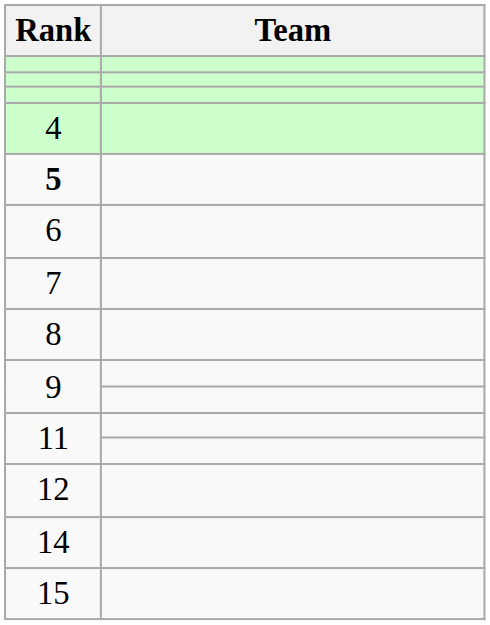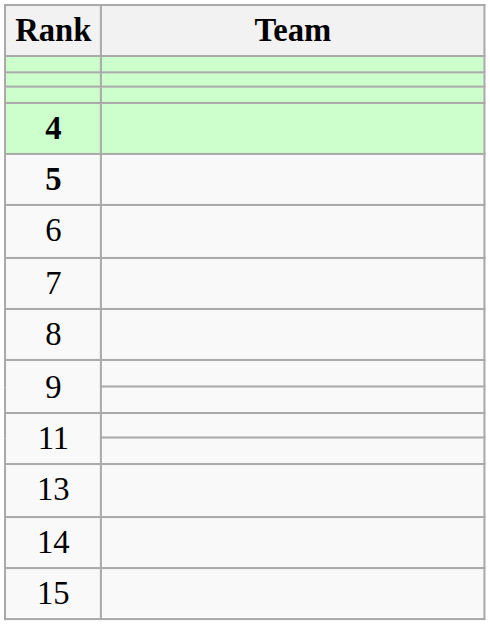 <table class="wikitable" style="text-align:center;">
 <tr>
 <th width=40>Rank</th>
 <th width=180>Team</th>
 </tr>
 <tr bgcolor=#ccffcc>
 <td></td>
 <td style="text-align:left;"></td>
 </tr>
 <tr bgcolor=#ccffcc>
 <td></td>
 <td style="text-align:left;"></td>
 </tr>
 <tr bgcolor=#ccffcc>
 <td></td>
 <td style="text-align:left;"></td>
 </tr>
 <tr bgcolor=#ccffcc>
-<td>4</td>
+<td><strong>4</strong></td>
 <td style="text-align:left;"></td>
 </tr>
 <tr>
 <td><strong>5</strong></td>
 <td style="text-align:left;"></td>
 </tr>
 <tr>
 <td>6</td>
 <td style="text-align:left;"></td>
 </tr>
 <tr>
 <td>7</td>
 <td style="text-align:left;"></td>
 </tr>
 <tr>
 <td>8</td>
 <td style="text-align:left;"></td>
 </tr>
 <tr>
 <td rowspan=2>9</td>
 <td style="text-align:left;"></td>
 </tr>
 <tr>
 <td style="text-align:left;"></td>
 </tr>
 <tr>
 <td rowspan=2>11</td>
 <td style="text-align:left;"></td>
 </tr>
 <tr>
 <td style="text-align:left;"></td>
 </tr>
 <tr>
-<td>12</td>
+<td>13</td>
 <td style="text-align:left;"></td>
 </tr>
 <tr>
 <td>14</td>
 <td style="text-align:left;"></td>
 </tr>
 <tr>
 <td>15</td>
 <td style="text-align:left;"></td>
 </tr>
 </table>
